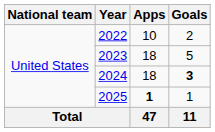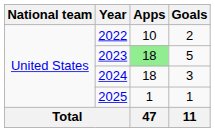 <table class="wikitable" style="text-align:center">
 <tr>
 <th>National team</th>
 <th>Year</th>
 <th>Apps</th>
 <th>Goals</th>
 </tr>
 <tr>
 <td rowspan=4><a href='#'>United States</a></td>
 <td><a href='#'>2022</a></td>
 <td>10</td>
 <td>2</td>
 </tr>
 <tr>
 <td><a href='#'>2023</a></td>
-<td>18</td>
+<td style="background: lightgreen;">18</td>
 <td>5</td>
 </tr>
 <tr>
 <td><a href='#'>2024</a></td>
 <td>18</td>
-<td><strong>3</strong></td>
+<td>3</td>
 </tr>
 <tr>
 <td><a href='#'>2025</a></td>
-<td><strong>1</strong></td>
+<td>1</td>
 <td>1</td>
 </tr>
 <tr>
 <th colspan=2>Total</th>
 <th>47</th>
 <th>11</th>
 </tr>
 </table>
